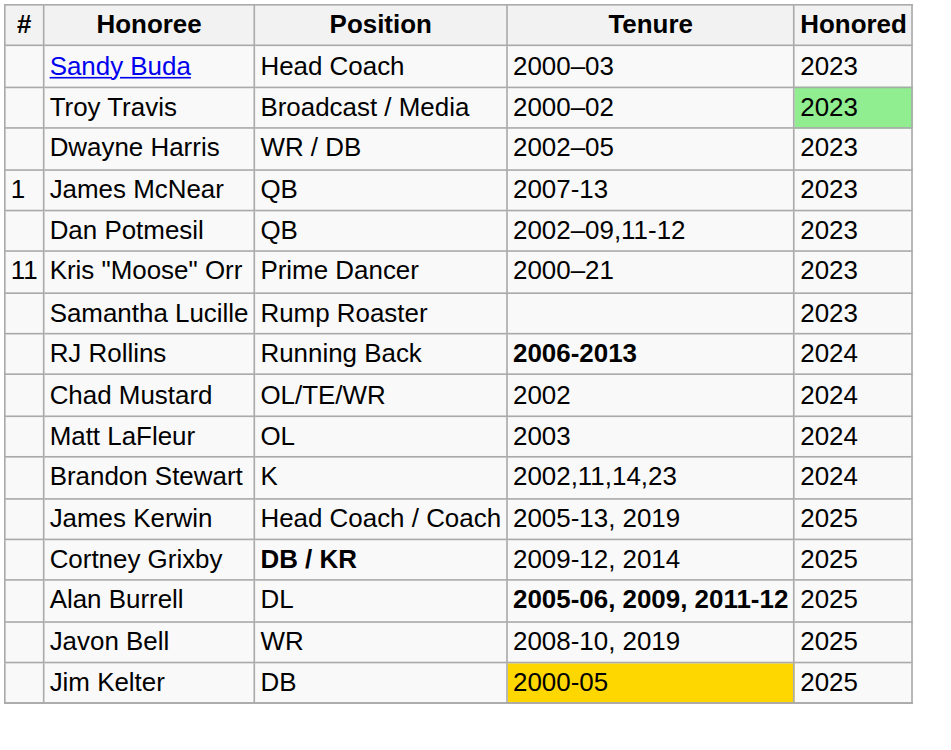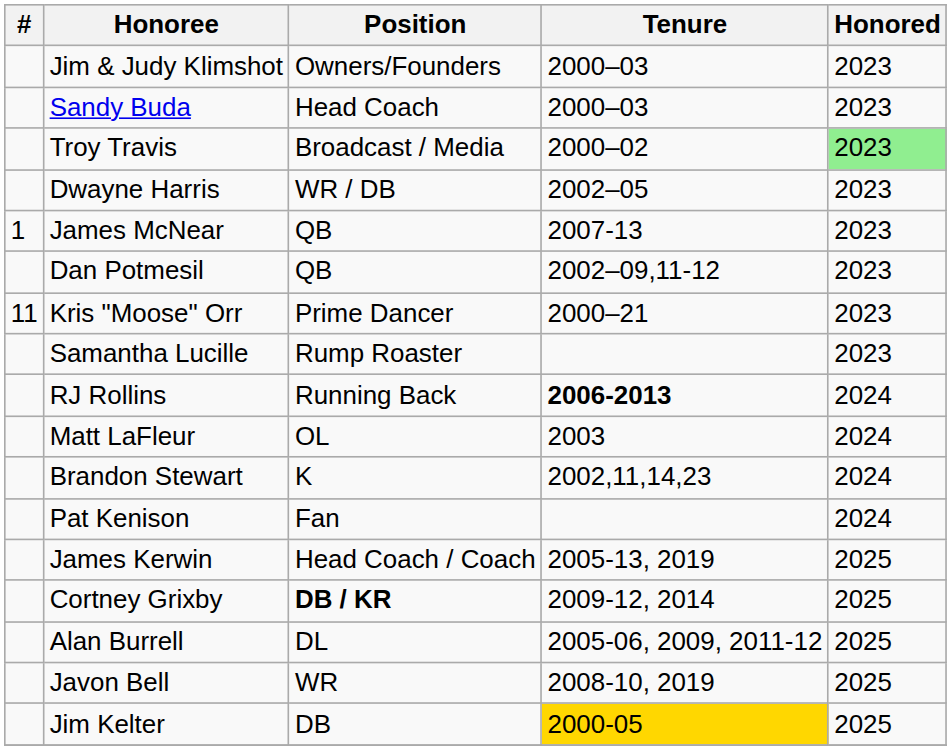 <table class="wikitable">
 <tr>
 <th>#</th>
 <th>Honoree</th>
 <th>Position</th>
 <th>Tenure</th>
 <th>Honored</th>
+</tr>
+<tr>
+<td></td>
+<td>Jim & Judy Klimshot</td>
+<td>Owners/Founders</td>
+<td>2000–03</td>
+<td>2023</td>
 </tr>
 <tr>
 <td></td>
 <td><a href='#'>Sandy Buda</a></td>
 <td>Head Coach</td>
 <td>2000–03</td>
 <td>2023</td>
 </tr>
 <tr>
 <td></td>
 <td>Troy Travis</td>
 <td>Broadcast / Media</td>
 <td>2000–02</td>
 <td style="background: lightgreen;">2023</td>
 </tr>
 <tr>
 <td></td>
 <td>Dwayne Harris</td>
 <td>WR / DB</td>
 <td>2002–05</td>
 <td>2023</td>
 </tr>
 <tr>
 <td>1</td>
 <td>James McNear</td>
 <td>QB</td>
 <td>2007-13</td>
 <td>2023</td>
 </tr>
 <tr>
 <td></td>
 <td>Dan Potmesil</td>
 <td>QB</td>
 <td>2002–09,11-12</td>
 <td>2023</td>
 </tr>
 <tr>
 <td>11</td>
 <td>Kris "Moose" Orr</td>
 <td>Prime Dancer</td>
 <td>2000–21</td>
 <td>2023</td>
 </tr>
 <tr>
 <td></td>
 <td>Samantha Lucille</td>
 <td>Rump Roaster</td>
 <td></td>
 <td>2023</td>
 </tr>
 <tr>
 <td></td>
 <td>RJ Rollins</td>
 <td>Running Back</td>
 <td><strong>2006-2013</strong></td>
 <td>2024</td>
 </tr>
 <tr>
 <td></td>
-<td>Chad Mustard</td>
-<td>OL/TE/WR</td>
-<td>2002</td>
-<td>2024</td>
-</tr>
-<tr>
-<td></td>
 <td>Matt LaFleur</td>
 <td>OL</td>
 <td>2003</td>
 <td>2024</td>
 </tr>
 <tr>
 <td></td>
 <td>Brandon Stewart</td>
 <td>K</td>
 <td>2002,11,14,23</td>
+<td>2024</td>
+</tr>
+<tr>
+<td></td>
+<td>Pat Kenison</td>
+<td>Fan</td>
+<td></td>
 <td>2024</td>
 </tr>
 <tr>
 <td></td>
 <td>James Kerwin</td>
 <td>Head Coach / Coach</td>
 <td>2005-13, 2019</td>
 <td>2025</td>
 </tr>
 <tr>
 <td></td>
 <td>Cortney Grixby</td>
 <td><strong>DB / KR</strong></td>
 <td>2009-12, 2014</td>
 <td>2025</td>
 </tr>
 <tr>
 <td></td>
 <td>Alan Burrell</td>
 <td>DL</td>
-<td><strong>2005-06, 2009, 2011-12</strong></td>
+<td>2005-06, 2009, 2011-12</td>
 <td>2025</td>
 </tr>
 <tr>
 <td></td>
 <td>Javon Bell</td>
 <td>WR</td>
 <td>2008-10, 2019</td>
 <td>2025</td>
 </tr>
 <tr>
 <td></td>
 <td>Jim Kelter</td>
 <td>DB</td>
 <td style="background: gold;">2000-05</td>
 <td>2025</td>
 </tr>
 <tr>
 </tr>
 </table>
